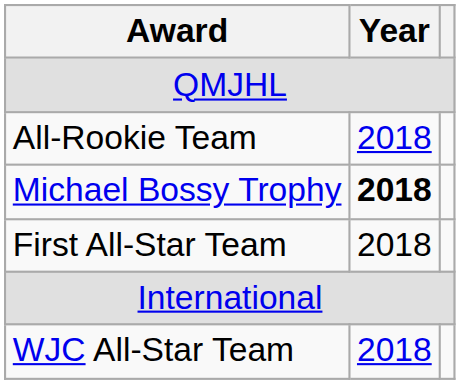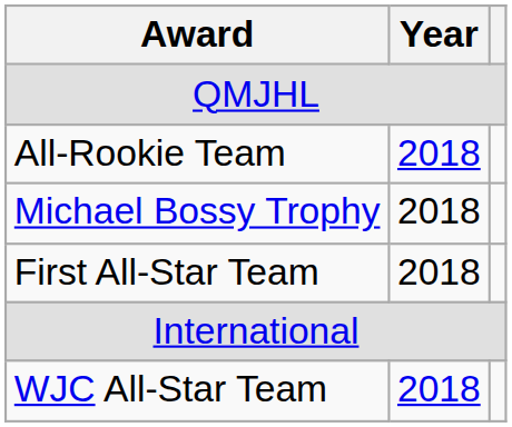 <table class="wikitable">
 <tr>
 <th>Award</th>
 <th>Year</th>
 <th></th>
 </tr>
 <tr ALIGN="center" bgcolor="#e0e0e0">
 <td colspan="3"><a href='#'>QMJHL</a></td>
 </tr>
 <tr>
 <td>All-Rookie Team</td>
 <td><a href='#'>2018</a></td>
 <td></td>
 </tr>
 <tr>
 <td><a href='#'>Michael Bossy Trophy</a></td>
-<td><strong>2018</strong></td>
+<td>2018</td>
 <td></td>
 </tr>
 <tr>
 <td>First All-Star Team</td>
 <td>2018</td>
 <td></td>
 </tr>
 <tr ALIGN="center" bgcolor="#e0e0e0">
 <td colspan="3"><a href='#'>International</a></td>
 </tr>
 <tr>
 <td><a href='#'>WJC</a> All-Star Team</td>
 <td><a href='#'>2018</a></td>
 <td></td>
 </tr>
 </table>
